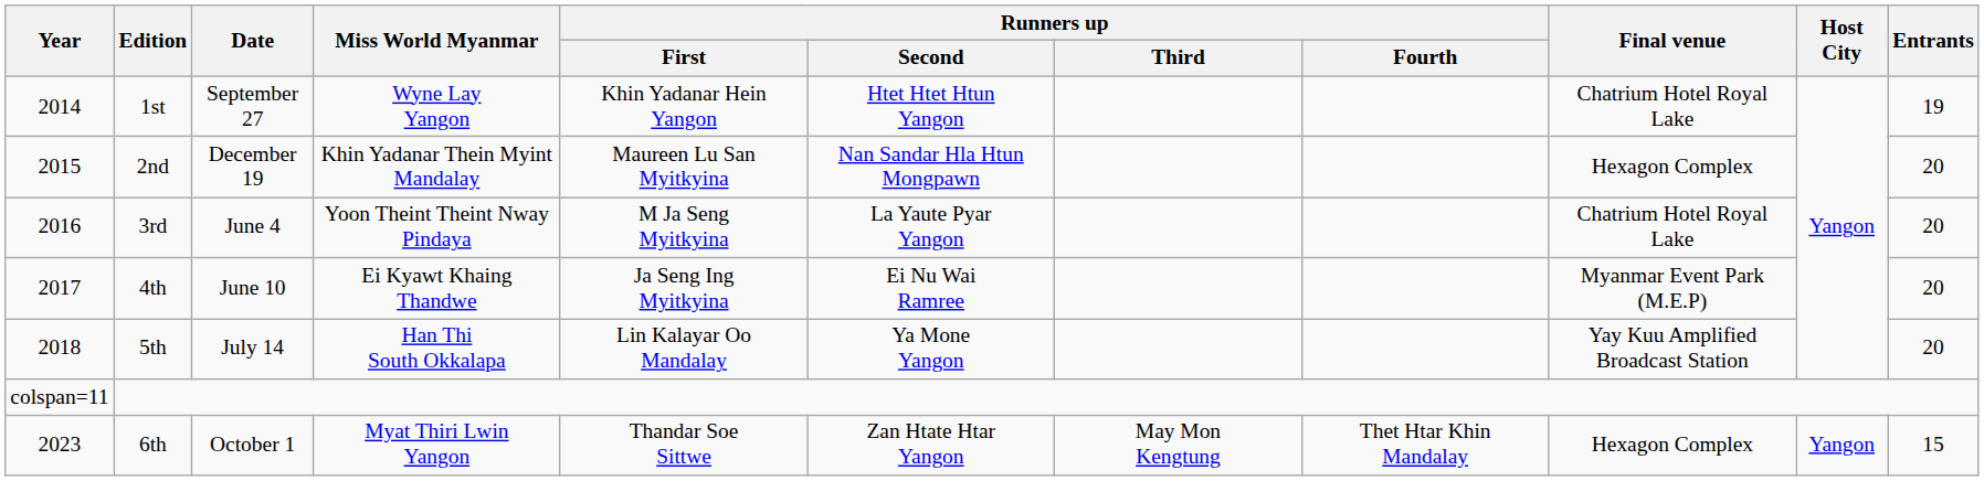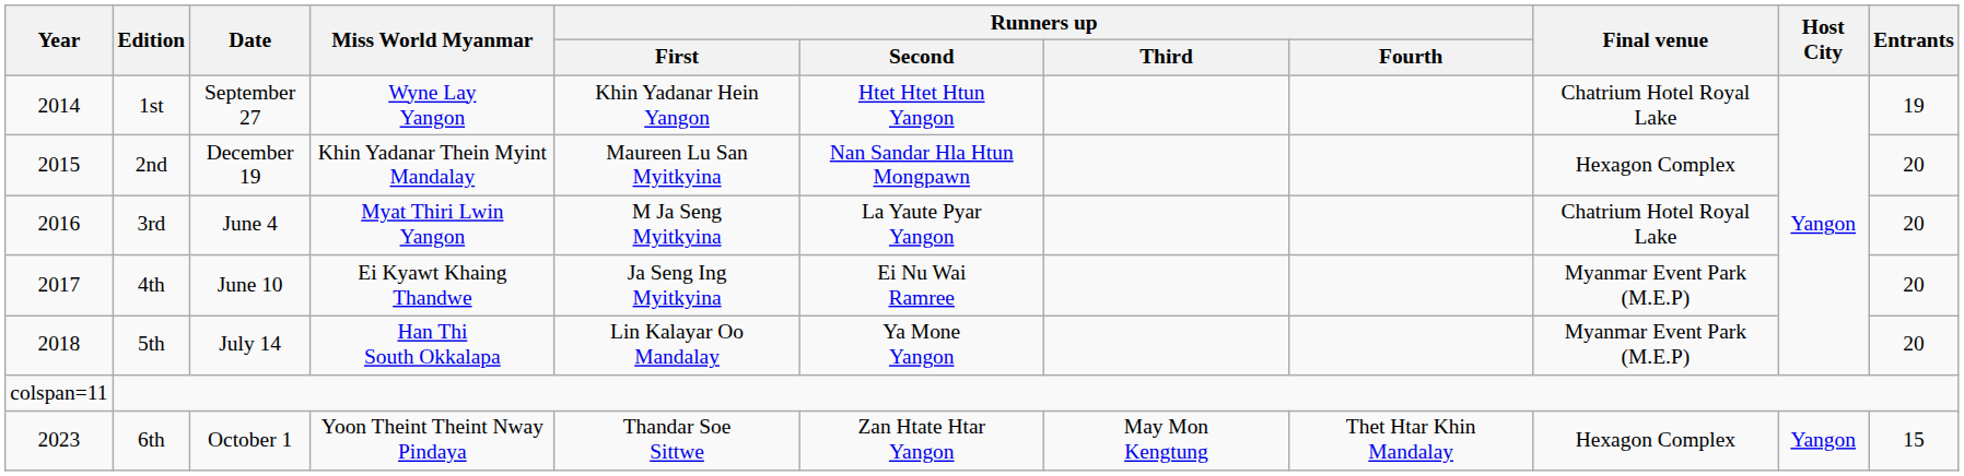 <table class="wikitable" style="font-size: 85%";>
 <tr>
 <th rowspan="2">Year</th>
 <th rowspan="2">Edition</th>
 <th rowspan="2">Date</th>
 <th rowspan="2" width="150">Miss World Myanmar</th>
 <th colspan="4" width="600">Runners up</th>
 <th rowspan="2" width="150">Final venue</th>
 <th rowspan="2">Host City</th>
 <th rowspan="2">Entrants</th>
 </tr>
 <tr>
 <th width="150">First</th>
 <th width="150">Second</th>
 <th width="150">Third</th>
 <th width="150">Fourth</th>
 </tr>
 <tr style="text-align:center;">
 <td>2014</td>
 <td>1st</td>
 <td>September 27</td>
 <td><a href='#'>Wyne Lay</a> <br> <a href='#'>Yangon</a></td>
 <td>Khin Yadanar Hein<br> <a href='#'>Yangon</a></td>
 <td><a href='#'>Htet Htet Htun</a><br> <a href='#'>Yangon</a></td>
 <td></td>
 <td></td>
 <td>Chatrium Hotel Royal Lake</td>
 <td rowspan="5"> <a href='#'>Yangon</a></td>
 <td>19</td>
 </tr>
 <tr style="text-align:center;">
 <td>2015</td>
 <td>2nd</td>
 <td>December 19</td>
 <td>Khin Yadanar Thein Myint<br> <a href='#'>Mandalay</a></td>
 <td>Maureen Lu San<br> <a href='#'>Myitkyina</a></td>
 <td><a href='#'>Nan Sandar Hla Htun</a><br> <a href='#'>Mongpawn</a></td>
 <td></td>
 <td></td>
 <td>Hexagon Complex</td>
 <td>20</td>
 </tr>
 <tr style="text-align:center;">
 <td>2016</td>
 <td>3rd</td>
 <td>June 4</td>
-<td>Yoon Theint Theint Nway <br>  <a href='#'>Pindaya</a></td>
+<td><a href='#'>Myat Thiri Lwin</a><br> <a href='#'>Yangon</a></td>
 <td>M Ja Seng<br> <a href='#'>Myitkyina</a></td>
 <td>La Yaute Pyar<br> <a href='#'>Yangon</a></td>
 <td></td>
 <td></td>
 <td>Chatrium Hotel Royal Lake</td>
 <td>20</td>
 </tr>
 <tr style="text-align:center;">
 <td>2017</td>
 <td>4th</td>
 <td>June 10</td>
 <td>Ei Kyawt Khaing <br>  <a href='#'>Thandwe</a></td>
 <td>Ja Seng Ing<br> <a href='#'>Myitkyina</a></td>
 <td>Ei Nu Wai<br> <a href='#'>Ramree</a></td>
 <td></td>
 <td></td>
 <td>Myanmar Event Park (M.E.P)</td>
 <td>20</td>
 </tr>
 <tr style="text-align:center;">
 <td>2018</td>
 <td>5th</td>
 <td>July 14</td>
 <td><a href='#'>Han Thi</a> <br> <a href='#'>South Okkalapa</a></td>
 <td>Lin Kalayar Oo<br> <a href='#'>Mandalay</a></td>
 <td>Ya Mone<br> <a href='#'>Yangon</a></td>
 <td></td>
 <td></td>
-<td>Yay Kuu Amplified Broadcast Station</td>
+<td>Myanmar Event Park (M.E.P)</td>
 <td>20</td>
 </tr>
 <tr>
 <td>colspan=11 </td>
 </tr>
 <tr style="text-align:center;">
 <td>2023</td>
 <td>6th</td>
 <td>October 1</td>
-<td><a href='#'>Myat Thiri Lwin</a><br> <a href='#'>Yangon</a></td>
+<td>Yoon Theint Theint Nway <br>  <a href='#'>Pindaya</a></td>
 <td>Thandar Soe <br>  <a href='#'>Sittwe</a></td>
 <td>Zan Htate Htar <br> <a href='#'>Yangon</a></td>
 <td>May Mon<br> <a href='#'>Kengtung</a></td>
 <td>Thet Htar Khin<br> <a href='#'>Mandalay</a></td>
 <td>Hexagon Complex</td>
 <td> <a href='#'>Yangon</a></td>
 <td>15</td>
 </tr>
 </table>
